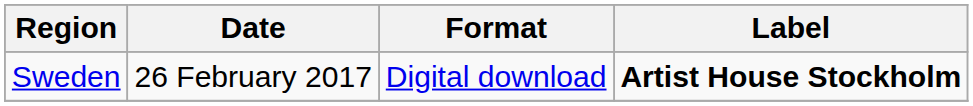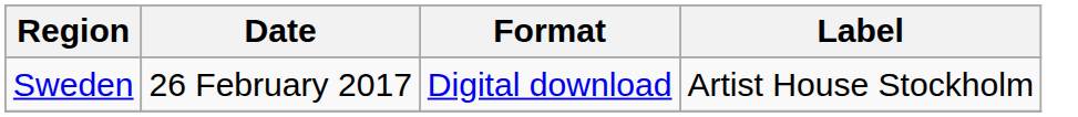 <table class=wikitable>
 <tr>
 <th>Region</th>
 <th>Date</th>
 <th>Format</th>
 <th>Label</th>
 </tr>
 <tr>
 <td><a href='#'>Sweden</a></td>
 <td>26 February 2017</td>
 <td><a href='#'>Digital download</a></td>
-<td><strong>Artist House Stockholm</strong></td>
+<td>Artist House Stockholm</td>
 </tr>
 <tr>
 </tr>
 </table>
